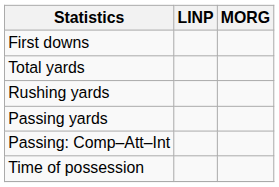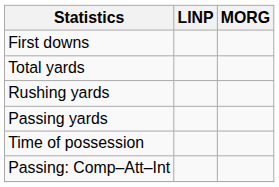 <table class="wikitable" style="float: left;">
 <tr>
 <th>Statistics</th>
 <th>LINP</th>
 <th>MORG</th>
 </tr>
 <tr>
 <td>First downs</td>
 <td></td>
 <td></td>
 </tr>
 <tr>
 <td>Total yards</td>
 <td></td>
 <td></td>
 </tr>
 <tr>
 <td>Rushing yards</td>
 <td></td>
 <td></td>
 </tr>
 <tr>
 <td>Passing yards</td>
 <td></td>
 <td></td>
 </tr>
 <tr>
-<td>Passing: Comp–Att–Int</td>
+<td>Time of possession</td>
 <td></td>
 <td></td>
 </tr>
 <tr>
-<td>Time of possession</td>
+<td>Passing: Comp–Att–Int</td>
 <td></td>
 <td></td>
 </tr>
 <tr>
 </tr>
 </table>
